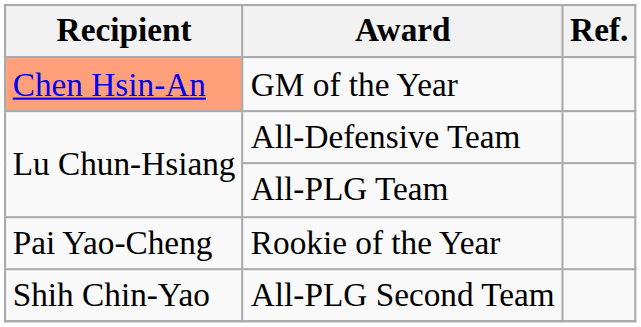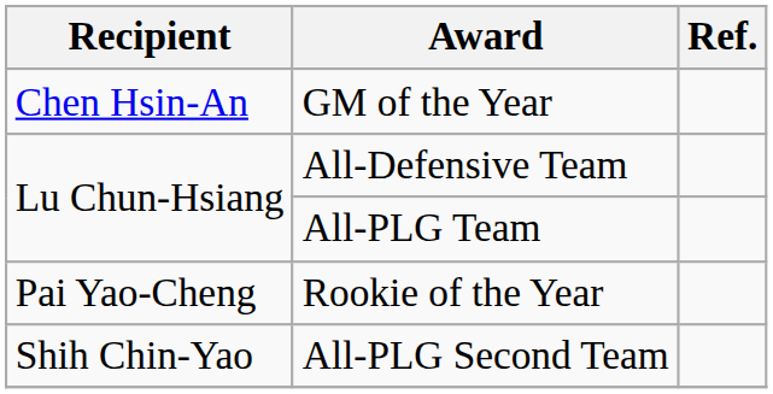 <table class="wikitable">
 <tr>
 <th>Recipient</th>
 <th>Award</th>
 <th>Ref.</th>
 </tr>
 <tr>
-<td style="background: lightsalmon;"><a href='#'>Chen Hsin-An</a></td>
+<td><a href='#'>Chen Hsin-An</a></td>
 <td>GM of the Year</td>
 <td></td>
 </tr>
 <tr>
 <td rowspan=2>Lu Chun-Hsiang</td>
 <td>All-Defensive Team</td>
 <td></td>
 </tr>
 <tr>
 <td>All-PLG Team</td>
 <td></td>
 </tr>
 <tr>
 <td>Pai Yao-Cheng</td>
 <td>Rookie of the Year</td>
 <td></td>
 </tr>
 <tr>
 <td>Shih Chin-Yao</td>
 <td>All-PLG Second Team</td>
 <td></td>
 </tr>
 <tr>
 </tr>
 </table>
